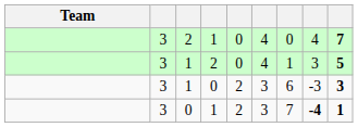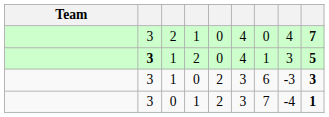 <table class="wikitable" style="text-align:center;">
 <tr>
 <th width=150>Team</th>
 <th width=20 abbr="Played"></th>
 <th width=20 abbr="Won"></th>
 <th width=20 abbr="Drawn"></th>
 <th width=20 abbr="Lost"></th>
 <th width=20 abbr="Goals for"></th>
 <th width=20 abbr="Goals against"></th>
 <th width=20 abbr="Goal difference"></th>
 <th width=20 abbr="Points"></th>
 </tr>
 <tr bgcolor="#ccffcc">
 <td align="left"></td>
 <td>3</td>
 <td>2</td>
 <td>1</td>
 <td>0</td>
 <td>4</td>
 <td>0</td>
 <td>4</td>
 <td><strong>7</strong></td>
 </tr>
 <tr bgcolor="#ccffcc">
 <td align="left"></td>
-<td>3</td>
+<td><strong>3</strong></td>
 <td>1</td>
 <td>2</td>
 <td>0</td>
 <td>4</td>
 <td>1</td>
 <td>3</td>
 <td><strong>5</strong></td>
 </tr>
 <tr>
 <td align="left"></td>
 <td>3</td>
 <td>1</td>
 <td>0</td>
 <td>2</td>
 <td>3</td>
 <td>6</td>
 <td>-3</td>
 <td><strong>3</strong></td>
 </tr>
 <tr>
 <td align="left"></td>
 <td>3</td>
 <td>0</td>
 <td>1</td>
 <td>2</td>
 <td>3</td>
 <td>7</td>
-<td><strong>-4</strong></td>
+<td>-4</td>
 <td><strong>1</strong></td>
 </tr>
 </table>
